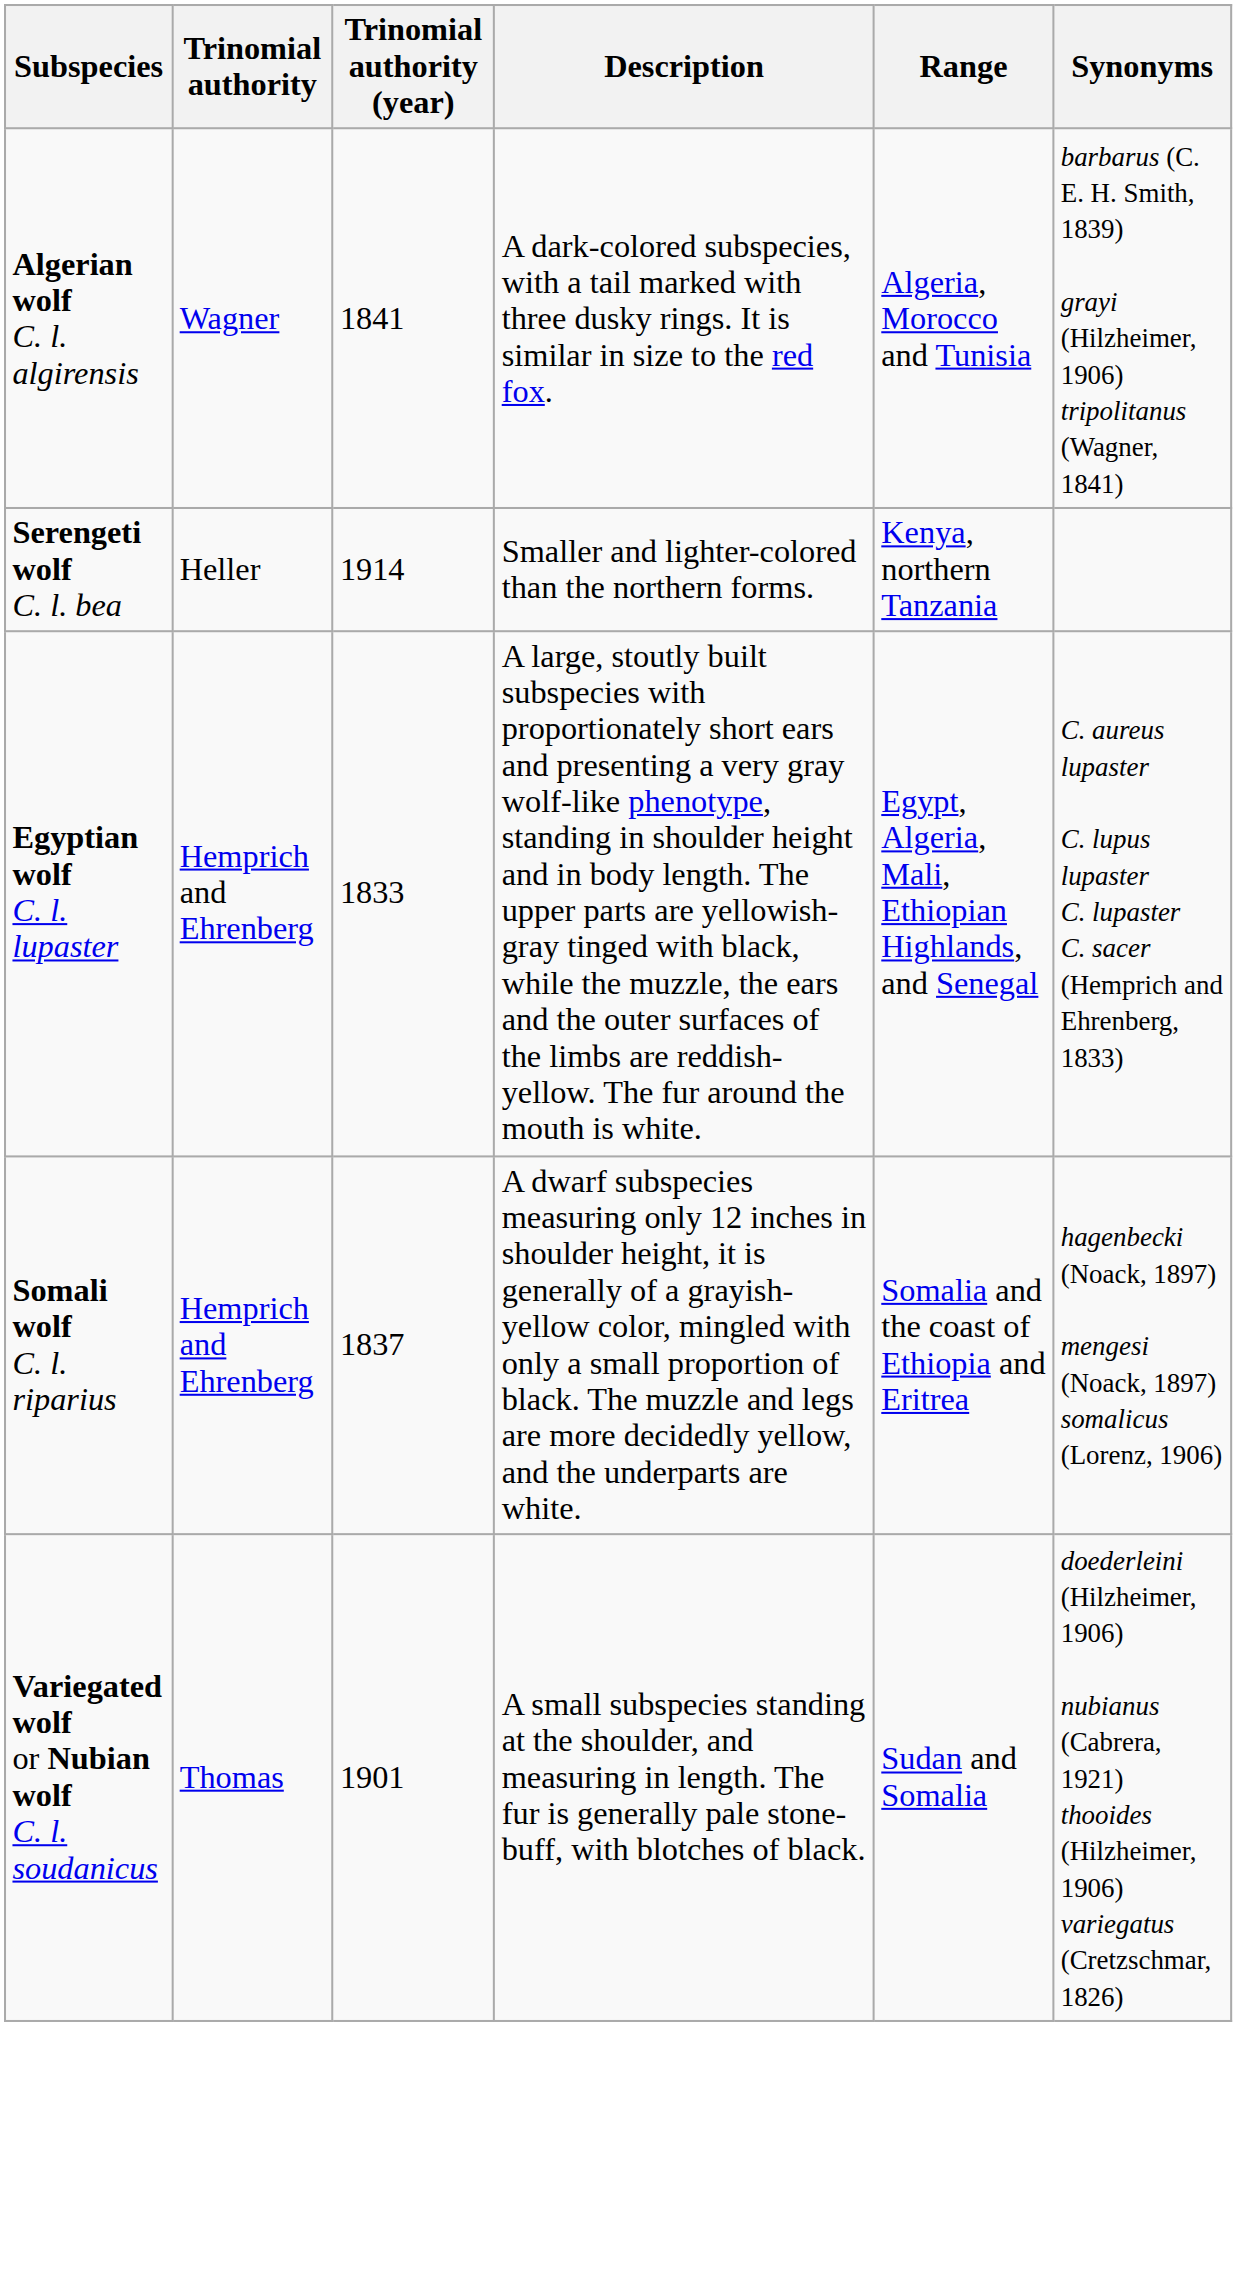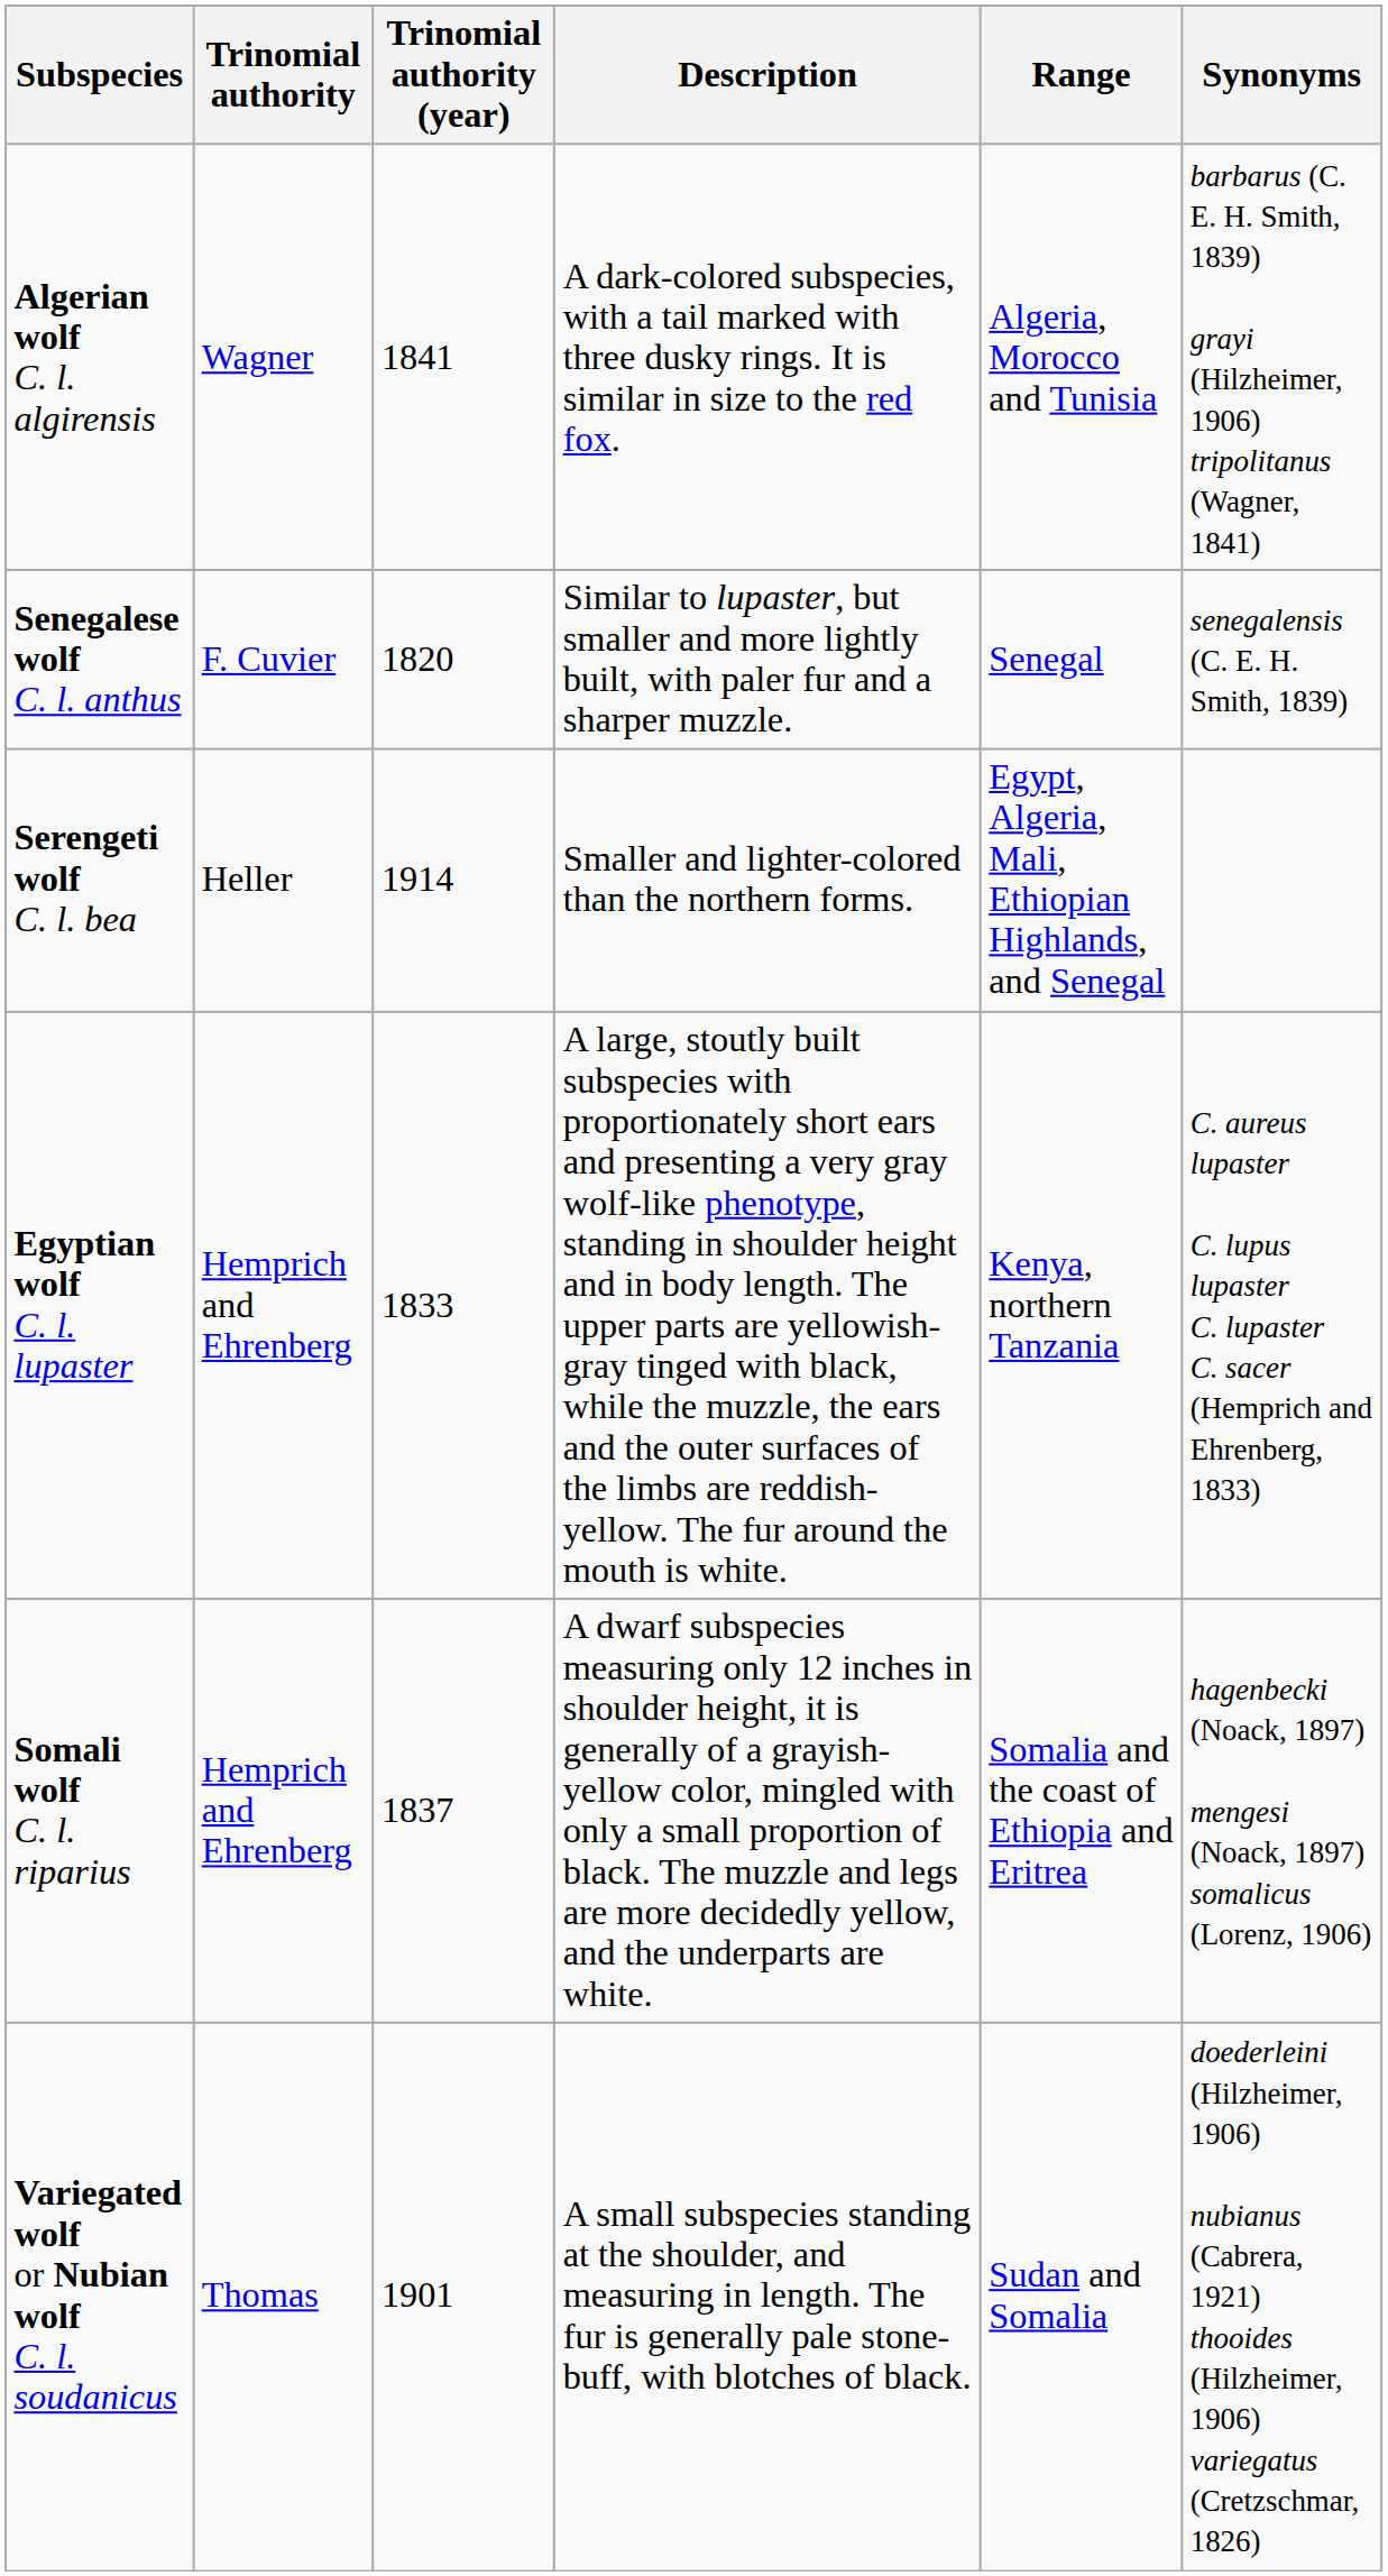 <table class="wikitable sortable collapsed">
 <tr>
 <th>Subspecies</th>
 <th>Trinomial authority</th>
 <th>Trinomial authority (year)</th>
 <th>Description</th>
 <th>Range</th>
 <th>Synonyms</th>
 </tr>
 <tr>
 <td><strong>Algerian wolf</strong><br><em>C. l. algirensis</em><br></td>
 <td><a href='#'>Wagner</a></td>
 <td>1841</td>
 <td>A dark-colored subspecies, with a tail marked with three dusky rings. It is similar in size to the <a href='#'>red fox</a>.</td>
 <td><a href='#'>Algeria</a>, <a href='#'>Morocco</a> and <a href='#'>Tunisia</a></td>
 <td><small><em>barbarus</em> (C. E. H. Smith, 1839)</small><br><br><small><em>grayi</em> (Hilzheimer, 1906)</small><br> <small><em>tripolitanus</em> (Wagner, 1841)</small></td>
 </tr>
 <tr>
+<td><strong>Senegalese wolf</strong><br><em><a href='#'>C. l. anthus</a></em><br></td>
+<td><a href='#'>F. Cuvier</a></td>
+<td>1820</td>
+<td>Similar to <em>lupaster</em>, but smaller and more lightly built, with paler fur and a sharper muzzle.</td>
+<td><a href='#'>Senegal</a></td>
+<td><small><em>senegalensis</em> (C. E. H. Smith, 1839)</small></td>
+</tr>
+<tr>
 <td><strong>Serengeti wolf</strong><br><em>C. l. bea</em><br></td>
 <td>Heller</td>
 <td>1914</td>
 <td>Smaller and lighter-colored than the northern forms.</td>
-<td><a href='#'>Kenya</a>, northern <a href='#'>Tanzania</a></td>
+<td><a href='#'>Egypt</a>, <a href='#'>Algeria</a>, <a href='#'>Mali</a>, <a href='#'>Ethiopian Highlands</a>, and <a href='#'>Senegal</a></td>
 <td></td>
 </tr>
 <tr>
 <td><strong>Egyptian wolf</strong><br><em><a href='#'>C. l. lupaster</a></em><br></td>
 <td><a href='#'>Hemprich</a> and <a href='#'>Ehrenberg</a></td>
 <td>1833</td>
 <td>A large, stoutly built subspecies with proportionately short ears and presenting a very gray wolf-like <a href='#'>phenotype</a>, standing  in shoulder height and  in body length. The upper parts are yellowish-gray tinged with black, while the muzzle, the ears and the outer surfaces of the limbs are reddish-yellow. The fur around the mouth is white.</td>
-<td><a href='#'>Egypt</a>, <a href='#'>Algeria</a>, <a href='#'>Mali</a>, <a href='#'>Ethiopian Highlands</a>, and <a href='#'>Senegal</a></td>
+<td><a href='#'>Kenya</a>, northern <a href='#'>Tanzania</a></td>
 <td><small><em>C. aureus lupaster</em></small><br><br><small><em>C. lupus lupaster</em></small><br> <small><em>C. lupaster</em></small><br> <small><em>C. sacer</em> (Hemprich and Ehrenberg, 1833)</small></td>
 </tr>
 <tr>
 <td><strong>Somali wolf</strong><br><em>C. l. riparius</em></td>
 <td><a href='#'>Hemprich and Ehrenberg</a></td>
 <td>1837</td>
 <td>A dwarf subspecies measuring only 12 inches in shoulder height, it is generally of a grayish-yellow color, mingled with only a small proportion of black. The muzzle and legs are more decidedly yellow, and the underparts are white.</td>
 <td><a href='#'>Somalia</a> and the coast of <a href='#'>Ethiopia</a> and <a href='#'>Eritrea</a></td>
 <td><small><em>hagenbecki</em> (Noack, 1897)</small><br><br><small><em>mengesi</em> (Noack, 1897)</small><br> <small><em>somalicus</em> (Lorenz, 1906)</small></td>
 </tr>
 <tr>
 <td><strong>Variegated wolf</strong><br>or <strong>Nubian wolf</strong><br><em><a href='#'>C. l. soudanicus</a></em><br></td>
 <td><a href='#'>Thomas</a></td>
 <td>1901</td>
 <td>A small subspecies standing  at the shoulder, and measuring  in length. The fur is generally pale stone-buff, with blotches of black.</td>
 <td><a href='#'>Sudan</a> and <a href='#'>Somalia</a></td>
 <td><small><em>doederleini</em> (Hilzheimer, 1906)</small><br><br><small><em>nubianus</em> (Cabrera, 1921)</small><br> <small><em>thooides</em> (Hilzheimer, 1906)</small><br> <small><em>variegatus</em> (Cretzschmar, 1826)</small></td>
 </tr>
 </table>
